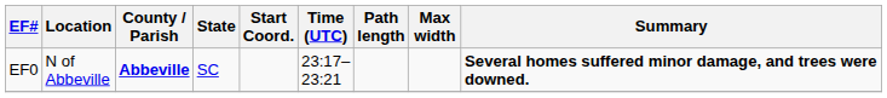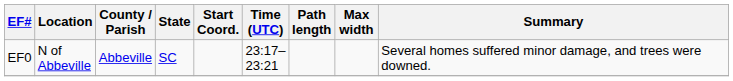 <table class="wikitable sortable" style="width:100%;">
 <tr>
 <th scope="col"  style="width:3%; text-align:center;"><a href='#'>EF#</a></th>
 <th scope="col"  style="width:7%; text-align:center;" class="unsortable">Location</th>
 <th scope="col"  style="width:6%; text-align:center;" class="unsortable">County / Parish</th>
 <th scope="col"  style="width:5%; text-align:center;">State</th>
 <th scope="col"  style="width:6%; text-align:center;">Start Coord.</th>
 <th scope="col"  style="width:6%; text-align:center;">Time (<a href='#'>UTC</a>)</th>
 <th scope="col"  style="width:6%; text-align:center;">Path length</th>
 <th scope="col"  style="width:6%; text-align:center;">Max width</th>
 <th scope="col" class="unsortable" style="width:48%; text-align:center;">Summary</th>
 </tr>
 <tr>
 <td bgcolor=>EF0</td>
 <td>N of <a href='#'>Abbeville</a></td>
-<td><strong><a href='#'>Abbeville</a></strong></td>
+<td><a href='#'>Abbeville</a></td>
 <td><a href='#'>SC</a></td>
 <td></td>
 <td>23:17–23:21</td>
 <td></td>
 <td></td>
-<td><strong>Several homes suffered minor damage, and trees were downed. </strong></td>
+<td>Several homes suffered minor damage, and trees were downed. </td>
 </tr>
 <tr>
 </tr>
 </table>
